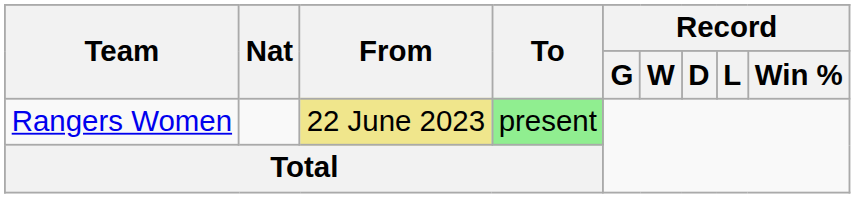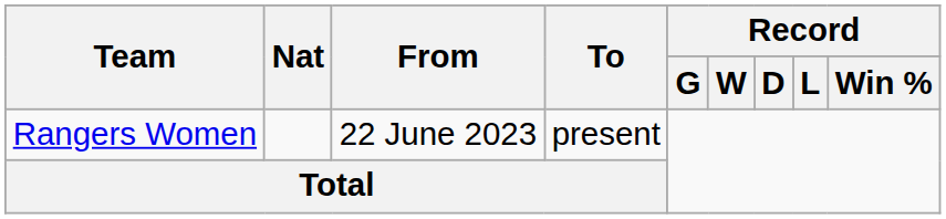 <table class="wikitable" style="text-align: center">
 <tr>
 <th rowspan="2">Team</th>
 <th rowspan="2">Nat</th>
 <th rowspan="2">From</th>
 <th rowspan="2">To</th>
 <th colspan="5">Record</th>
 </tr>
 <tr>
 <th>G</th>
 <th>W</th>
 <th>D</th>
 <th>L</th>
 <th>Win %</th>
 </tr>
 <tr>
 <td align=left><a href='#'>Rangers Women</a></td>
 <td></td>
-<td align=left style="background: khaki;">22 June 2023</td>
-<td align=left style="background: lightgreen;">present<br></td>
+<td align=left>22 June 2023</td>
+<td align=left>present<br></td>
 </tr>
 <tr>
 <th colspan=4>Total<br></th>
 </tr>
 </table>
